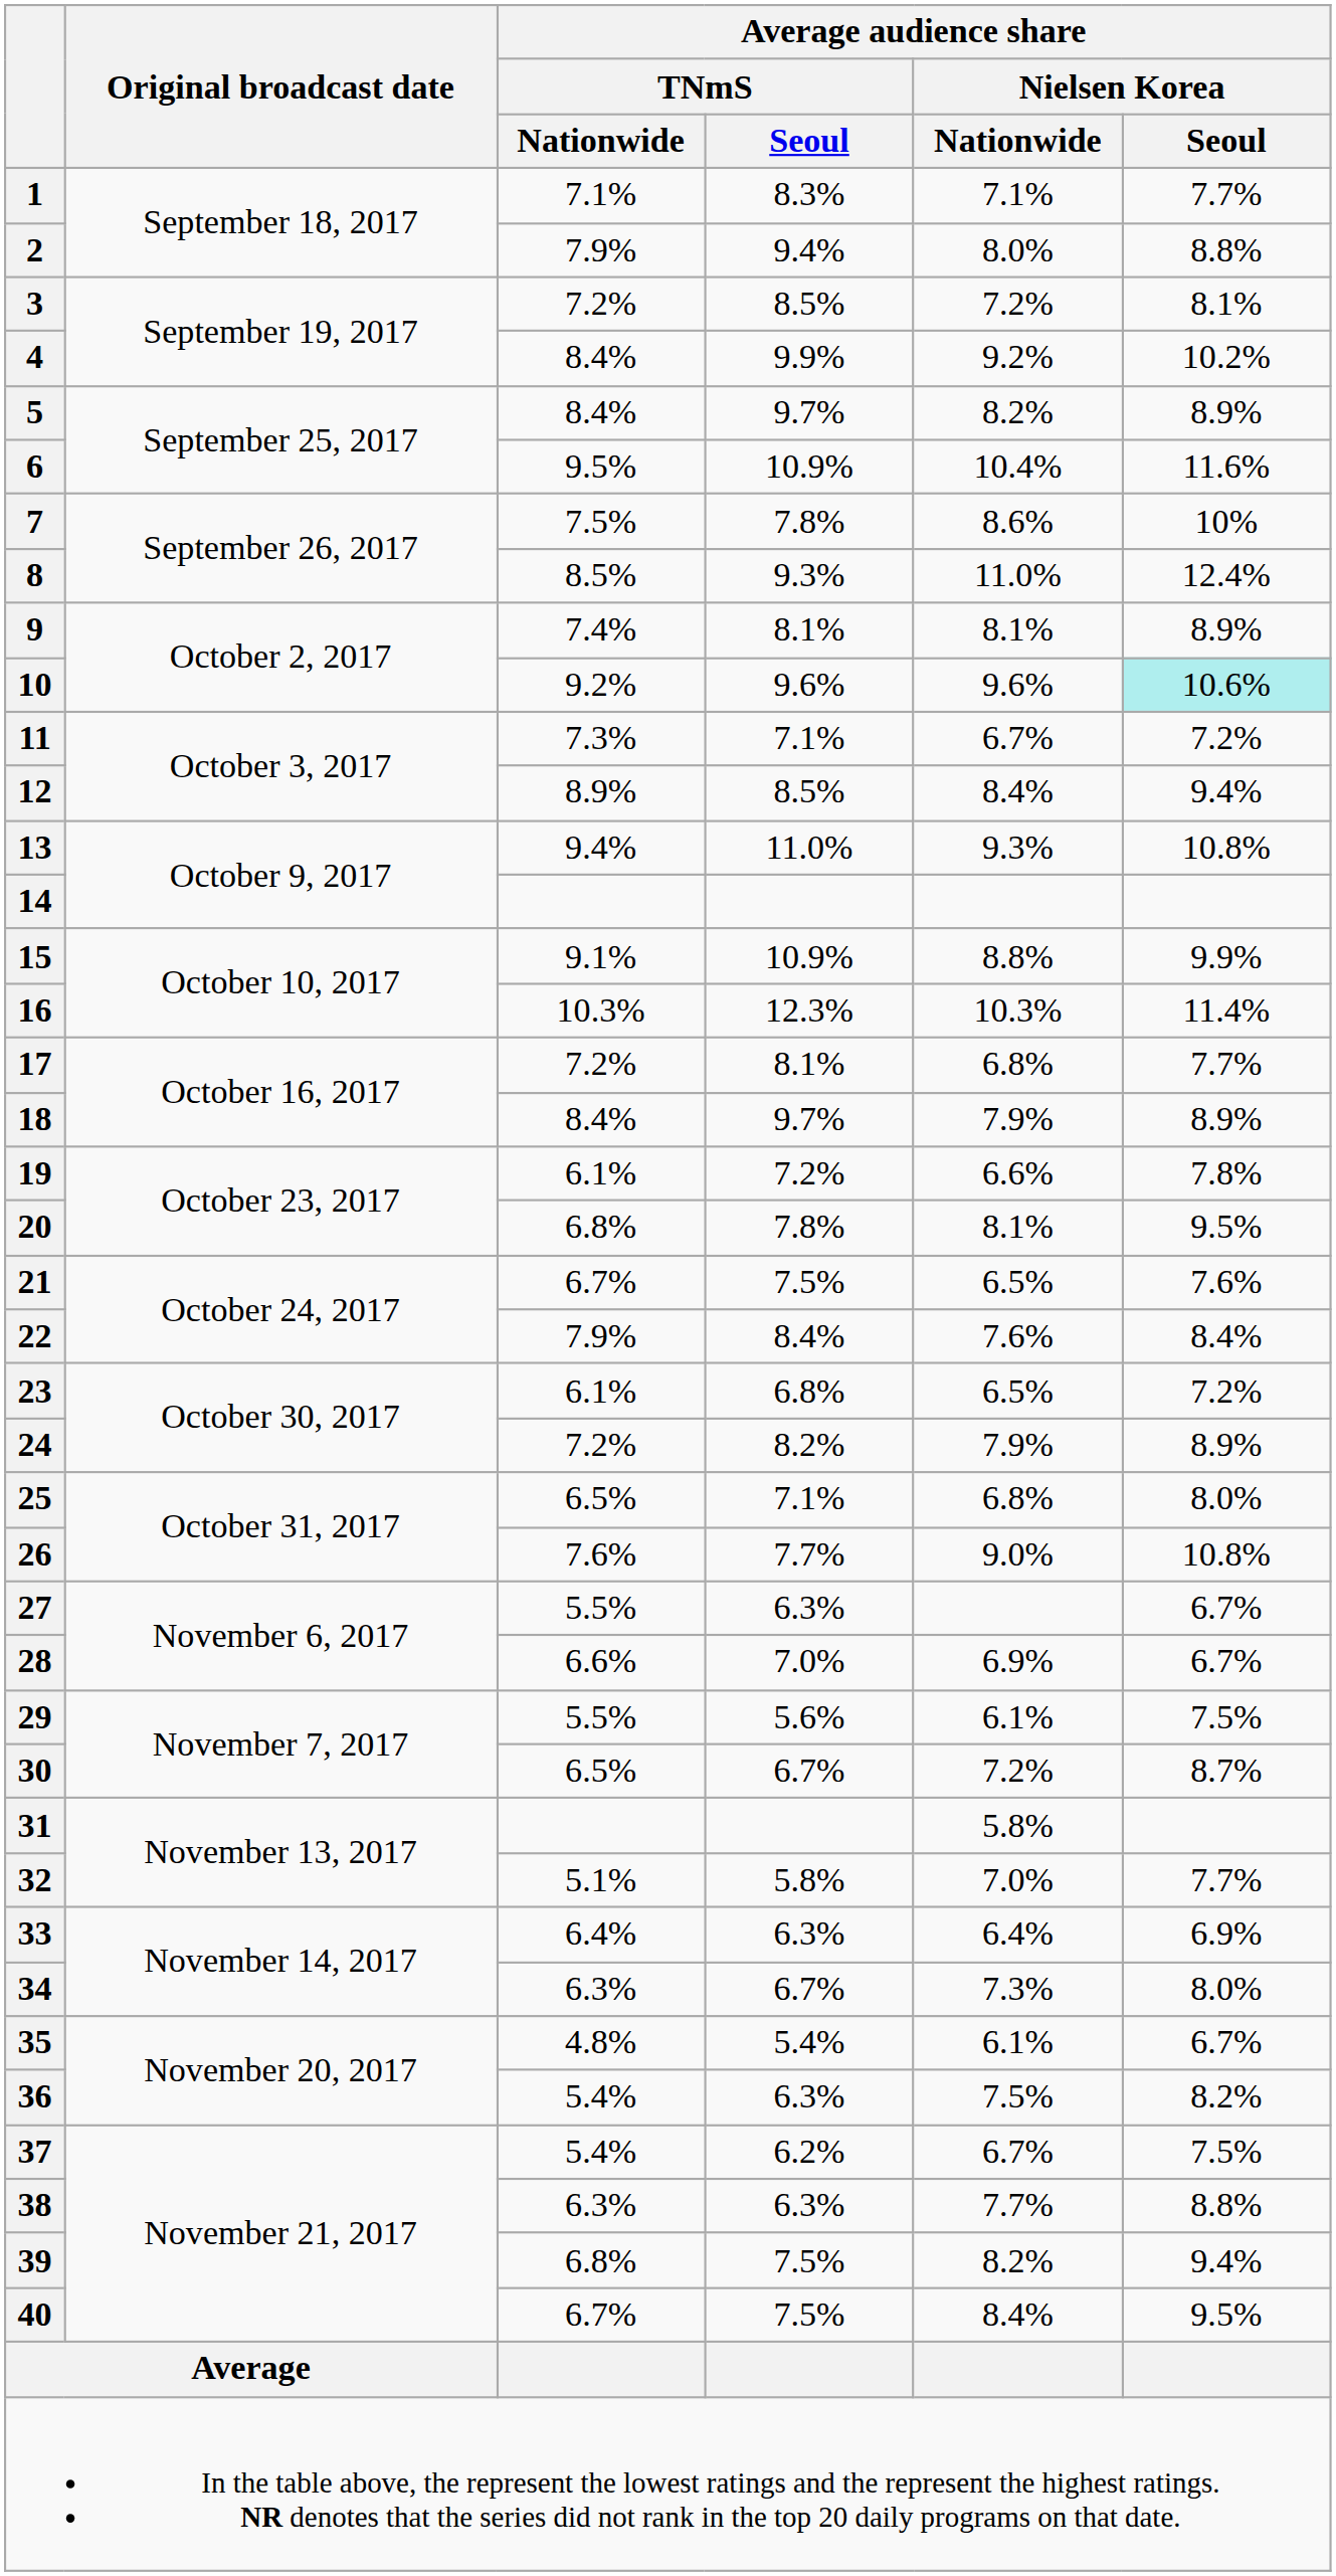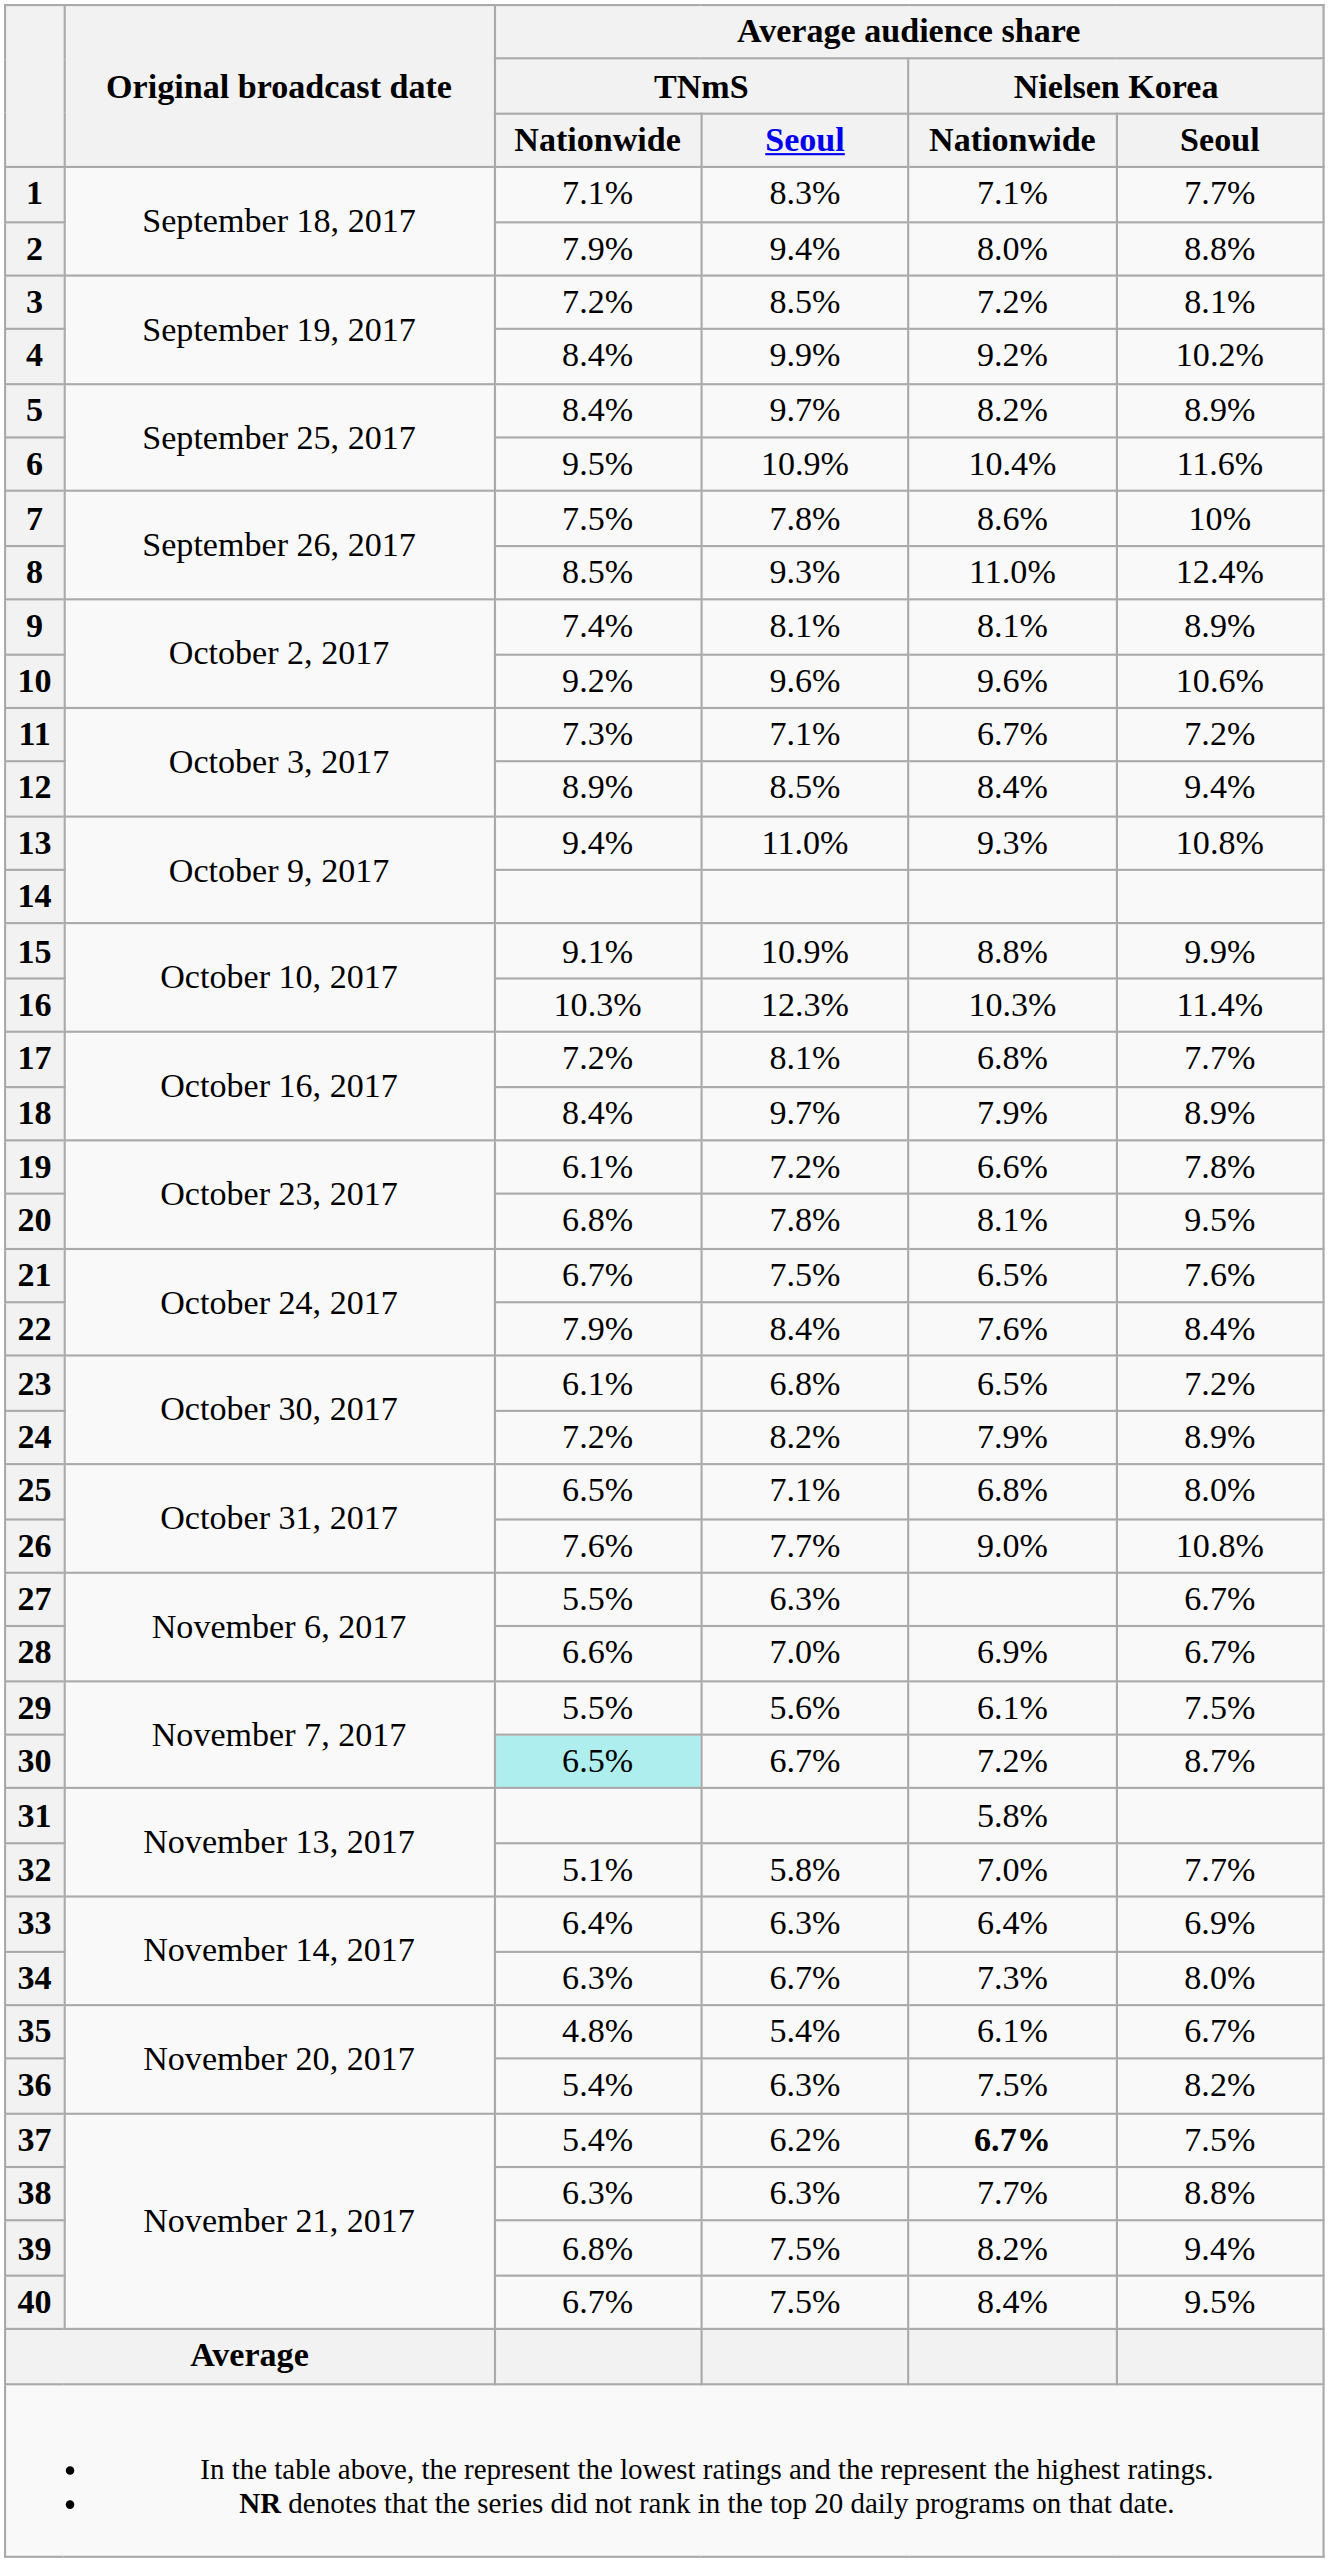 <table class="wikitable" style="text-align:center; width:620px">
 <tr>
 <th rowspan="3"></th>
 <th rowspan="3">Original broadcast date</th>
 <th colspan="4">Average audience share</th>
 </tr>
 <tr>
 <th colspan="2">TNmS</th>
 <th colspan="2">Nielsen Korea</th>
 </tr>
 <tr>
 <th width="90">Nationwide</th>
 <th width="90"><a href='#'>Seoul</a></th>
 <th width="90">Nationwide</th>
 <th width="90">Seoul</th>
 </tr>
 <tr>
 <th>1</th>
 <td rowspan="2">September 18, 2017</td>
 <td>7.1% </td>
 <td>8.3% </td>
 <td>7.1% </td>
 <td>7.7% </td>
 </tr>
 <tr>
 <th>2</th>
 <td>7.9% </td>
 <td>9.4% </td>
 <td>8.0% </td>
 <td>8.8% </td>
 </tr>
 <tr>
 <th>3</th>
 <td rowspan="2">September 19, 2017</td>
 <td>7.2% </td>
 <td>8.5% </td>
 <td>7.2% </td>
 <td>8.1% </td>
 </tr>
 <tr>
 <th>4</th>
 <td>8.4% </td>
 <td>9.9% </td>
 <td>9.2% </td>
 <td>10.2% </td>
 </tr>
 <tr>
 <th>5</th>
 <td rowspan="2">September 25, 2017</td>
 <td>8.4% </td>
 <td>9.7% </td>
 <td>8.2% </td>
 <td>8.9%  </td>
 </tr>
 <tr>
 <th>6</th>
 <td>9.5% </td>
 <td>10.9% </td>
 <td>10.4% </td>
 <td>11.6% </td>
 </tr>
 <tr>
 <th>7</th>
 <td rowspan="2">September 26, 2017</td>
 <td>7.5% </td>
 <td>7.8% </td>
 <td>8.6% </td>
 <td>10% </td>
 </tr>
 <tr>
 <th>8</th>
 <td>8.5% </td>
 <td>9.3% </td>
 <td>11.0% </td>
 <td>12.4% </td>
 </tr>
 <tr>
 <th>9</th>
 <td rowspan="2">October 2, 2017</td>
 <td>7.4% </td>
 <td>8.1% </td>
 <td>8.1% </td>
 <td>8.9% </td>
 </tr>
 <tr>
 <th>10</th>
 <td>9.2% </td>
 <td>9.6% </td>
 <td>9.6% </td>
-<td style="background: paleturquoise;">10.6% </td>
+<td>10.6% </td>
 </tr>
 <tr>
 <th>11</th>
 <td rowspan="2">October 3, 2017</td>
 <td>7.3% </td>
 <td>7.1% </td>
 <td>6.7% </td>
 <td>7.2% </td>
 </tr>
 <tr>
 <th>12</th>
 <td>8.9% </td>
 <td>8.5% </td>
 <td>8.4% </td>
 <td>9.4% </td>
 </tr>
 <tr>
 <th>13</th>
 <td rowspan="2">October 9, 2017</td>
 <td>9.4% </td>
 <td>11.0% </td>
 <td>9.3% </td>
 <td>10.8% </td>
 </tr>
 <tr>
 <th>14</th>
 <td> </td>
 <td> </td>
 <td> </td>
 <td> </td>
 </tr>
 <tr>
 <th>15</th>
 <td rowspan="2">October 10, 2017</td>
 <td>9.1% </td>
 <td>10.9% </td>
 <td>8.8% </td>
 <td>9.9% </td>
 </tr>
 <tr>
 <th>16</th>
 <td>10.3% </td>
 <td>12.3% </td>
 <td>10.3% </td>
 <td>11.4% </td>
 </tr>
 <tr>
 <th>17</th>
 <td rowspan="2">October 16, 2017</td>
 <td>7.2% </td>
 <td>8.1% </td>
 <td>6.8% </td>
 <td>7.7% </td>
 </tr>
 <tr>
 <th>18</th>
 <td>8.4% </td>
 <td>9.7% </td>
 <td>7.9% </td>
 <td>8.9% </td>
 </tr>
 <tr>
 <th>19</th>
 <td rowspan="2">October 23, 2017</td>
 <td>6.1% </td>
 <td>7.2% </td>
 <td>6.6% </td>
 <td>7.8% </td>
 </tr>
 <tr>
 <th>20</th>
 <td>6.8% </td>
 <td>7.8% </td>
 <td>8.1% </td>
 <td>9.5% </td>
 </tr>
 <tr>
 <th>21</th>
 <td rowspan="2">October 24, 2017</td>
 <td>6.7% </td>
 <td>7.5% </td>
 <td>6.5% </td>
 <td>7.6% </td>
 </tr>
 <tr>
 <th>22</th>
 <td>7.9% </td>
 <td>8.4% </td>
 <td>7.6% </td>
 <td>8.4% </td>
 </tr>
 <tr>
 <th>23</th>
 <td rowspan="2">October 30, 2017</td>
 <td>6.1% </td>
 <td>6.8% </td>
 <td>6.5% </td>
 <td>7.2% </td>
 </tr>
 <tr>
 <th>24</th>
 <td>7.2% </td>
 <td>8.2% </td>
 <td>7.9% </td>
 <td>8.9% </td>
 </tr>
 <tr>
 <th>25</th>
 <td rowspan="2">October 31, 2017</td>
 <td>6.5% </td>
 <td>7.1% </td>
 <td>6.8% </td>
 <td>8.0% </td>
 </tr>
 <tr>
 <th>26</th>
 <td>7.6% </td>
 <td>7.7% </td>
 <td>9.0% </td>
 <td>10.8% </td>
 </tr>
 <tr>
 <th>27</th>
 <td rowspan="2">November 6, 2017</td>
 <td>5.5% </td>
 <td>6.3% </td>
 <td> </td>
 <td>6.7% </td>
 </tr>
 <tr>
 <th>28</th>
 <td>6.6% </td>
 <td>7.0% </td>
 <td>6.9% </td>
 <td>6.7% </td>
 </tr>
 <tr>
 <th>29</th>
 <td rowspan="2">November 7, 2017</td>
 <td>5.5% </td>
 <td>5.6% </td>
 <td>6.1% </td>
 <td>7.5% </td>
 </tr>
 <tr>
 <th>30</th>
-<td>6.5% </td>
+<td style="background: paleturquoise;">6.5% </td>
 <td>6.7% </td>
 <td>7.2% </td>
 <td>8.7% </td>
 </tr>
 <tr>
 <th>31</th>
 <td rowspan="2">November 13, 2017</td>
 <td> </td>
 <td> </td>
 <td>5.8% </td>
 <td> </td>
 </tr>
 <tr>
 <th>32</th>
 <td>5.1% </td>
 <td>5.8% </td>
 <td>7.0% </td>
 <td>7.7% </td>
 </tr>
 <tr>
 <th>33</th>
 <td rowspan="2">November 14, 2017</td>
 <td>6.4% </td>
 <td>6.3% </td>
 <td>6.4% </td>
 <td>6.9% </td>
 </tr>
 <tr>
 <th>34</th>
 <td>6.3% </td>
 <td>6.7% </td>
 <td>7.3% </td>
 <td>8.0% </td>
 </tr>
 <tr>
 <th>35</th>
 <td rowspan="2">November 20, 2017</td>
 <td>4.8% </td>
 <td>5.4% </td>
 <td>6.1% </td>
 <td>6.7% </td>
 </tr>
 <tr>
 <th>36</th>
 <td>5.4% </td>
 <td>6.3% </td>
 <td>7.5% </td>
 <td>8.2% </td>
 </tr>
 <tr>
 <th>37</th>
 <td rowspan="4">November 21, 2017</td>
 <td>5.4% </td>
 <td>6.2% </td>
-<td>6.7% </td>
+<td><strong>6.7% </strong></td>
 <td>7.5% </td>
 </tr>
 <tr>
 <th>38</th>
 <td>6.3% </td>
 <td>6.3% </td>
 <td>7.7% </td>
 <td>8.8% </td>
 </tr>
 <tr>
 <th>39</th>
 <td>6.8% </td>
 <td>7.5% </td>
 <td>8.2% </td>
 <td>9.4% </td>
 </tr>
 <tr>
 <th>40</th>
 <td>6.7% </td>
 <td>7.5% </td>
 <td>8.4% </td>
 <td>9.5% </td>
 </tr>
 <tr>
 <th colspan="2">Average</th>
 <th></th>
 <th></th>
 <th></th>
 <th></th>
 </tr>
 <tr>
 <td colspan="6" style="font-size:85%"><br><ul><li>In the table above, the <strong></strong> represent the lowest ratings and the <strong></strong> represent the highest ratings.</li><li><strong>NR</strong> denotes that the series did not rank in the top 20 daily programs on that date.</li></ul></td>
 </tr>
 </table>
